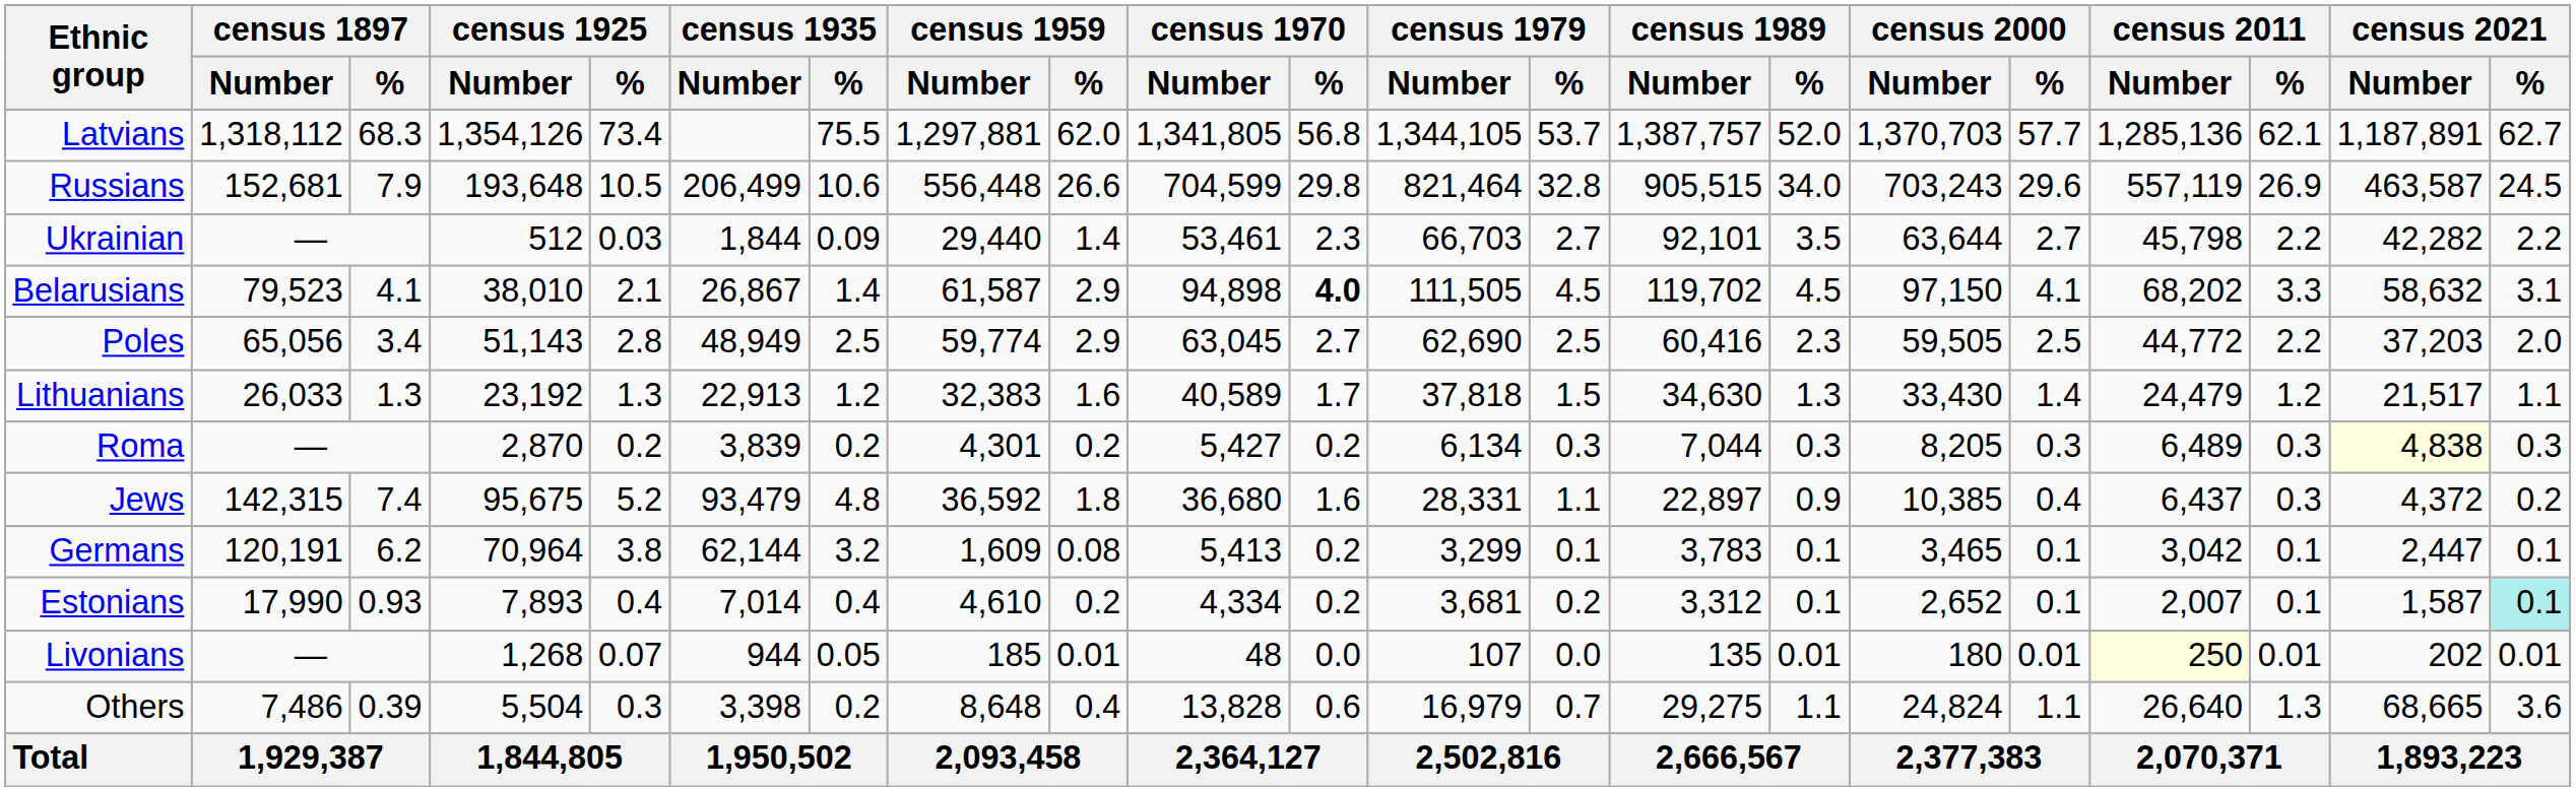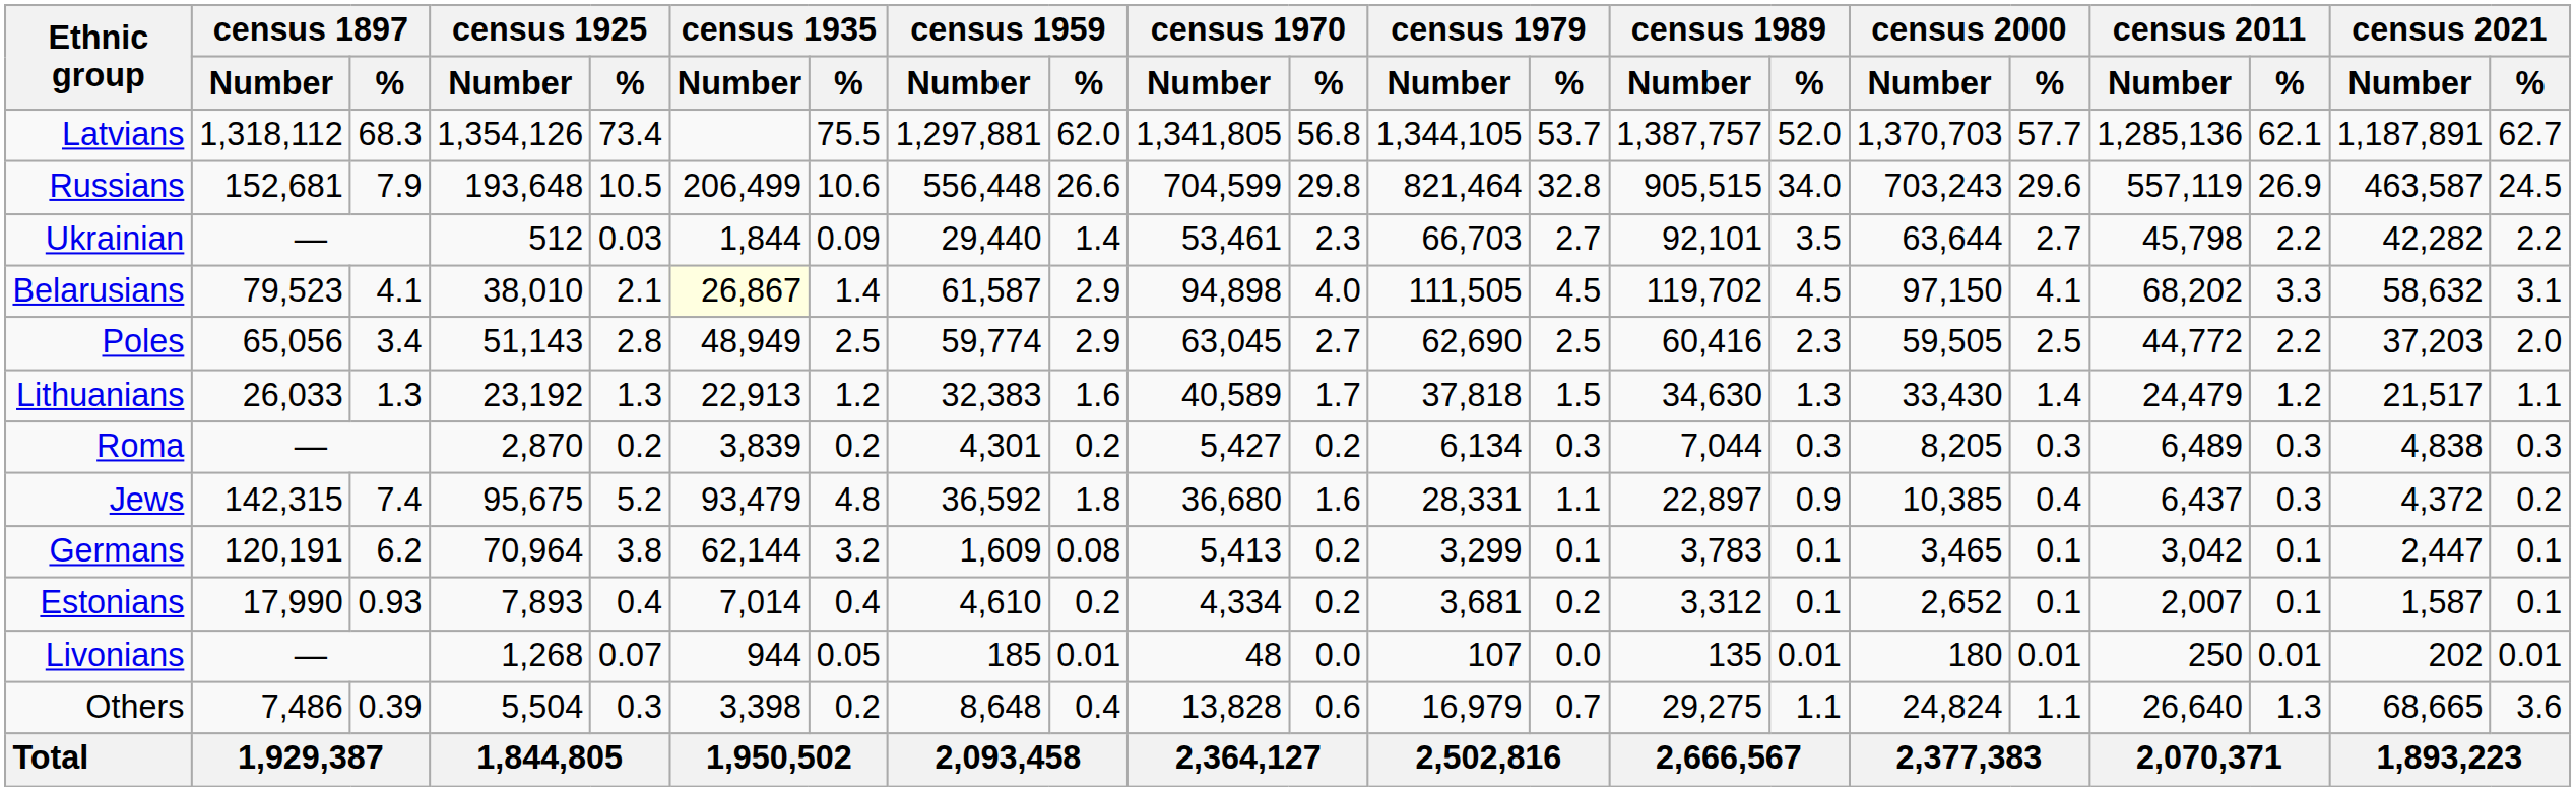 <table class="wikitable sortable" style="text-align: right;">
 <tr style="background:#e0e0e0;">
 <th rowspan="2">Ethnic<br>group</th>
 <th colspan="2">census 1897</th>
 <th colspan="2">census 1925</th>
 <th colspan="2">census 1935</th>
 <th colspan="2">census 1959</th>
 <th colspan="2">census 1970</th>
 <th colspan="2">census 1979</th>
 <th colspan="2">census 1989</th>
 <th colspan="2">census 2000</th>
 <th colspan="2">census 2011</th>
 <th colspan="2">census 2021</th>
 </tr>
 <tr style="background:#e0e0e0;">
 <th>Number</th>
 <th>%</th>
 <th>Number</th>
 <th>%</th>
 <th>Number</th>
 <th>%</th>
 <th>Number</th>
 <th>%</th>
 <th>Number</th>
 <th>%</th>
 <th>Number</th>
 <th>%</th>
 <th>Number</th>
 <th>%</th>
 <th>Number</th>
 <th>%</th>
 <th>Number</th>
 <th>%</th>
 <th>Number</th>
 <th>%</th>
 </tr>
 <tr>
 <td><a href='#'>Latvians</a></td>
 <td style="text-align:right;">1,318,112</td>
 <td style="text-align:right;">68.3</td>
 <td style="text-align:right;">1,354,126</td>
 <td style="text-align:right;">73.4</td>
 <td style="text-align:right;"></td>
 <td style="text-align:right;">75.5</td>
 <td style="text-align:right;">1,297,881</td>
 <td style="text-align:right;">62.0</td>
 <td style="text-align:right;">1,341,805</td>
 <td style="text-align:right;">56.8</td>
 <td style="text-align:right;">1,344,105</td>
 <td style="text-align:right;">53.7</td>
 <td style="text-align:right;">1,387,757</td>
 <td style="text-align:right;">52.0</td>
 <td style="text-align:right;">1,370,703</td>
 <td style="text-align:right;">57.7</td>
 <td style="text-align:right;">1,285,136</td>
 <td style="text-align:right;">62.1</td>
 <td style="text-align:right;">1,187,891</td>
 <td style="text-align:right;">62.7</td>
 </tr>
 <tr>
 <td><a href='#'>Russians</a></td>
 <td style="text-align:right;">152,681</td>
 <td style="text-align:right;">7.9</td>
 <td style="text-align:right;">193,648</td>
 <td style="text-align:right;">10.5</td>
 <td style="text-align:right;">206,499</td>
 <td style="text-align:right;">10.6</td>
 <td style="text-align:right;">556,448</td>
 <td style="text-align:right;">26.6</td>
 <td style="text-align:right;">704,599</td>
 <td style="text-align:right;">29.8</td>
 <td style="text-align:right;">821,464</td>
 <td style="text-align:right;">32.8</td>
 <td style="text-align:right;">905,515</td>
 <td style="text-align:right;">34.0</td>
 <td style="text-align:right;">703,243</td>
 <td style="text-align:right;">29.6</td>
 <td style="text-align:right;">557,119</td>
 <td style="text-align:right;">26.9</td>
 <td style="text-align:right;">463,587</td>
 <td style="text-align:right;">24.5</td>
 </tr>
 <tr>
 <td><a href='#'>Ukrainian</a></td>
 <td colspan="2" style="text-align:center;">—</td>
 <td style="text-align:right;">512</td>
 <td style="text-align:right;">0.03</td>
 <td style="text-align:right;">1,844</td>
 <td style="text-align:right;">0.09</td>
 <td style="text-align:right;">29,440</td>
 <td style="text-align:right;">1.4</td>
 <td style="text-align:right;">53,461</td>
 <td style="text-align:right;">2.3</td>
 <td style="text-align:right;">66,703</td>
 <td style="text-align:right;">2.7</td>
 <td style="text-align:right;">92,101</td>
 <td style="text-align:right;">3.5</td>
 <td style="text-align:right;">63,644</td>
 <td style="text-align:right;">2.7</td>
 <td style="text-align:right;">45,798</td>
 <td style="text-align:right;">2.2</td>
 <td style="text-align:right;">42,282</td>
 <td style="text-align:right;">2.2</td>
 </tr>
 <tr>
 <td><a href='#'>Belarusians</a></td>
 <td style="text-align:right;">79,523</td>
 <td style="text-align:right;">4.1</td>
 <td style="text-align:right;">38,010</td>
 <td style="text-align:right;">2.1</td>
-<td style="text-align:right;">26,867</td>
+<td style="background: lightyellow; text-align:right;">26,867</td>
 <td style="text-align:right;">1.4</td>
 <td style="text-align:right;">61,587</td>
 <td style="text-align:right;">2.9</td>
 <td style="text-align:right;">94,898</td>
-<td style="text-align:right;"><strong>4.0</strong></td>
+<td style="text-align:right;">4.0</td>
 <td style="text-align:right;">111,505</td>
 <td style="text-align:right;">4.5</td>
 <td style="text-align:right;">119,702</td>
 <td style="text-align:right;">4.5</td>
 <td style="text-align:right;">97,150</td>
 <td style="text-align:right;">4.1</td>
 <td style="text-align:right;">68,202</td>
 <td style="text-align:right;">3.3</td>
 <td style="text-align:right;">58,632</td>
 <td style="text-align:right;">3.1</td>
 </tr>
 <tr>
 <td><a href='#'>Poles</a></td>
 <td style="text-align:right;">65,056</td>
 <td style="text-align:right;">3.4</td>
 <td style="text-align:right;">51,143</td>
 <td style="text-align:right;">2.8</td>
 <td style="text-align:right;">48,949</td>
 <td style="text-align:right;">2.5</td>
 <td style="text-align:right;">59,774</td>
 <td style="text-align:right;">2.9</td>
 <td style="text-align:right;">63,045</td>
 <td style="text-align:right;">2.7</td>
 <td style="text-align:right;">62,690</td>
 <td style="text-align:right;">2.5</td>
 <td style="text-align:right;">60,416</td>
 <td style="text-align:right;">2.3</td>
 <td style="text-align:right;">59,505</td>
 <td style="text-align:right;">2.5</td>
 <td style="text-align:right;">44,772</td>
 <td style="text-align:right;">2.2</td>
 <td style="text-align:right;">37,203</td>
 <td style="text-align:right;">2.0</td>
 </tr>
 <tr>
 <td><a href='#'>Lithuanians</a></td>
 <td style="text-align:right;">26,033</td>
 <td style="text-align:right;">1.3</td>
 <td style="text-align:right;">23,192</td>
 <td style="text-align:right;">1.3</td>
 <td style="text-align:right;">22,913</td>
 <td style="text-align:right;">1.2</td>
 <td style="text-align:right;">32,383</td>
 <td style="text-align:right;">1.6</td>
 <td style="text-align:right;">40,589</td>
 <td style="text-align:right;">1.7</td>
 <td style="text-align:right;">37,818</td>
 <td style="text-align:right;">1.5</td>
 <td style="text-align:right;">34,630</td>
 <td style="text-align:right;">1.3</td>
 <td style="text-align:right;">33,430</td>
 <td style="text-align:right;">1.4</td>
 <td style="text-align:right;">24,479</td>
 <td style="text-align:right;">1.2</td>
 <td style="text-align:right;">21,517</td>
 <td>1.1</td>
 </tr>
 <tr>
 <td><a href='#'>Roma</a></td>
 <td colspan="2" style="text-align:center;">—</td>
 <td style="text-align:right;">2,870</td>
 <td style="text-align:right;">0.2</td>
 <td style="text-align:right;">3,839</td>
 <td style="text-align:right;">0.2</td>
 <td style="text-align:right;">4,301</td>
 <td style="text-align:right;">0.2</td>
 <td style="text-align:right;">5,427</td>
 <td style="text-align:right;">0.2</td>
 <td style="text-align:right;">6,134</td>
 <td style="text-align:right;">0.3</td>
 <td style="text-align:right;">7,044</td>
 <td style="text-align:right;">0.3</td>
 <td style="text-align:right;">8,205</td>
 <td style="text-align:right;">0.3</td>
 <td style="text-align:right;">6,489</td>
 <td style="text-align:right;">0.3</td>
-<td style="background: lightyellow; text-align:right;">4,838</td>
+<td style="text-align:right;">4,838</td>
 <td>0.3</td>
 </tr>
 <tr>
 <td><a href='#'>Jews</a></td>
 <td style="text-align:right;">142,315</td>
 <td style="text-align:right;">7.4</td>
 <td style="text-align:right;">95,675</td>
 <td style="text-align:right;">5.2</td>
 <td style="text-align:right;">93,479</td>
 <td style="text-align:right;">4.8</td>
 <td style="text-align:right;">36,592</td>
 <td style="text-align:right;">1.8</td>
 <td style="text-align:right;">36,680</td>
 <td style="text-align:right;">1.6</td>
 <td style="text-align:right;">28,331</td>
 <td style="text-align:right;">1.1</td>
 <td style="text-align:right;">22,897</td>
 <td style="text-align:right;">0.9</td>
 <td style="text-align:right;">10,385</td>
 <td style="text-align:right;">0.4</td>
 <td style="text-align:right;">6,437</td>
 <td style="text-align:right;">0.3</td>
 <td style="text-align:right;">4,372</td>
 <td>0.2</td>
 </tr>
 <tr>
 <td><a href='#'>Germans</a></td>
 <td style="text-align:right;">120,191</td>
 <td style="text-align:right;">6.2</td>
 <td style="text-align:right;">70,964</td>
 <td style="text-align:right;">3.8</td>
 <td style="text-align:right;">62,144</td>
 <td style="text-align:right;">3.2</td>
 <td style="text-align:right;">1,609</td>
 <td style="text-align:right;">0.08</td>
 <td style="text-align:right;">5,413</td>
 <td style="text-align:right;">0.2</td>
 <td style="text-align:right;">3,299</td>
 <td style="text-align:right;">0.1</td>
 <td style="text-align:right;">3,783</td>
 <td style="text-align:right;">0.1</td>
 <td style="text-align:right;">3,465</td>
 <td style="text-align:right;">0.1</td>
 <td style="text-align:right;">3,042</td>
 <td style="text-align:right;">0.1</td>
 <td style="text-align:right;">2,447</td>
 <td>0.1</td>
 </tr>
 <tr>
 <td><a href='#'>Estonians</a></td>
 <td style="text-align:right;">17,990</td>
 <td style="text-align:right;">0.93</td>
 <td style="text-align:right;">7,893</td>
 <td style="text-align:right;">0.4</td>
 <td style="text-align:right;">7,014</td>
 <td style="text-align:right;">0.4</td>
 <td style="text-align:right;">4,610</td>
 <td style="text-align:right;">0.2</td>
 <td style="text-align:right;">4,334</td>
 <td style="text-align:right;">0.2</td>
 <td style="text-align:right;">3,681</td>
 <td style="text-align:right;">0.2</td>
 <td style="text-align:right;">3,312</td>
 <td style="text-align:right;">0.1</td>
 <td style="text-align:right;">2,652</td>
 <td style="text-align:right;">0.1</td>
 <td style="text-align:right;">2,007</td>
 <td style="text-align:right;">0.1</td>
 <td style="text-align:right;">1,587</td>
-<td style="background: paleturquoise;">0.1</td>
+<td>0.1</td>
 </tr>
 <tr>
 <td><a href='#'>Livonians</a></td>
 <td colspan="2" style="text-align:center;">—</td>
 <td style="text-align:right;">1,268</td>
 <td style="text-align:right;">0.07</td>
 <td style="text-align:right;">944</td>
 <td style="text-align:right;">0.05</td>
 <td style="text-align:right;">185</td>
 <td style="text-align:right;">0.01</td>
 <td style="text-align:right;">48</td>
 <td style="text-align:right;">0.0</td>
 <td style="text-align:right;">107</td>
 <td style="text-align:right;">0.0</td>
 <td style="text-align:right;">135</td>
 <td style="text-align:right;">0.01</td>
 <td style="text-align:right;">180</td>
 <td style="text-align:right;">0.01</td>
-<td style="background: lightyellow; text-align:right;">250</td>
+<td style="text-align:right;">250</td>
 <td style="text-align:right;">0.01</td>
 <td style="text-align:right;">202</td>
 <td>0.01</td>
 </tr>
 <tr>
 <td>Others</td>
 <td style="text-align:right;">7,486</td>
 <td style="text-align:right;">0.39</td>
 <td style="text-align:right;">5,504</td>
 <td style="text-align:right;">0.3</td>
 <td style="text-align:right;">3,398</td>
 <td style="text-align:right;">0.2</td>
 <td style="text-align:right;">8,648</td>
 <td style="text-align:right;">0.4</td>
 <td style="text-align:right;">13,828</td>
 <td style="text-align:right;">0.6</td>
 <td style="text-align:right;">16,979</td>
 <td style="text-align:right;">0.7</td>
 <td style="text-align:right;">29,275</td>
 <td style="text-align:right;">1.1</td>
 <td style="text-align:right;">24,824</td>
 <td style="text-align:right;">1.1</td>
 <td style="text-align:right;">26,640</td>
 <td style="text-align:right;">1.3</td>
 <td style="text-align:right;">68,665</td>
 <td style="text-align:right;">3.6</td>
 </tr>
 <tr style="background:#e0e0e0;">
 <th style="text-align:left;">Total</th>
 <th colspan="2">1,929,387</th>
 <th colspan="2">1,844,805</th>
 <th colspan="2">1,950,502</th>
 <th colspan="2">2,093,458</th>
 <th colspan="2">2,364,127</th>
 <th colspan="2">2,502,816</th>
 <th colspan="2">2,666,567</th>
 <th colspan="2">2,377,383</th>
 <th colspan="2">2,070,371</th>
 <th colspan="2">1,893,223</th>
 </tr>
 </table>
